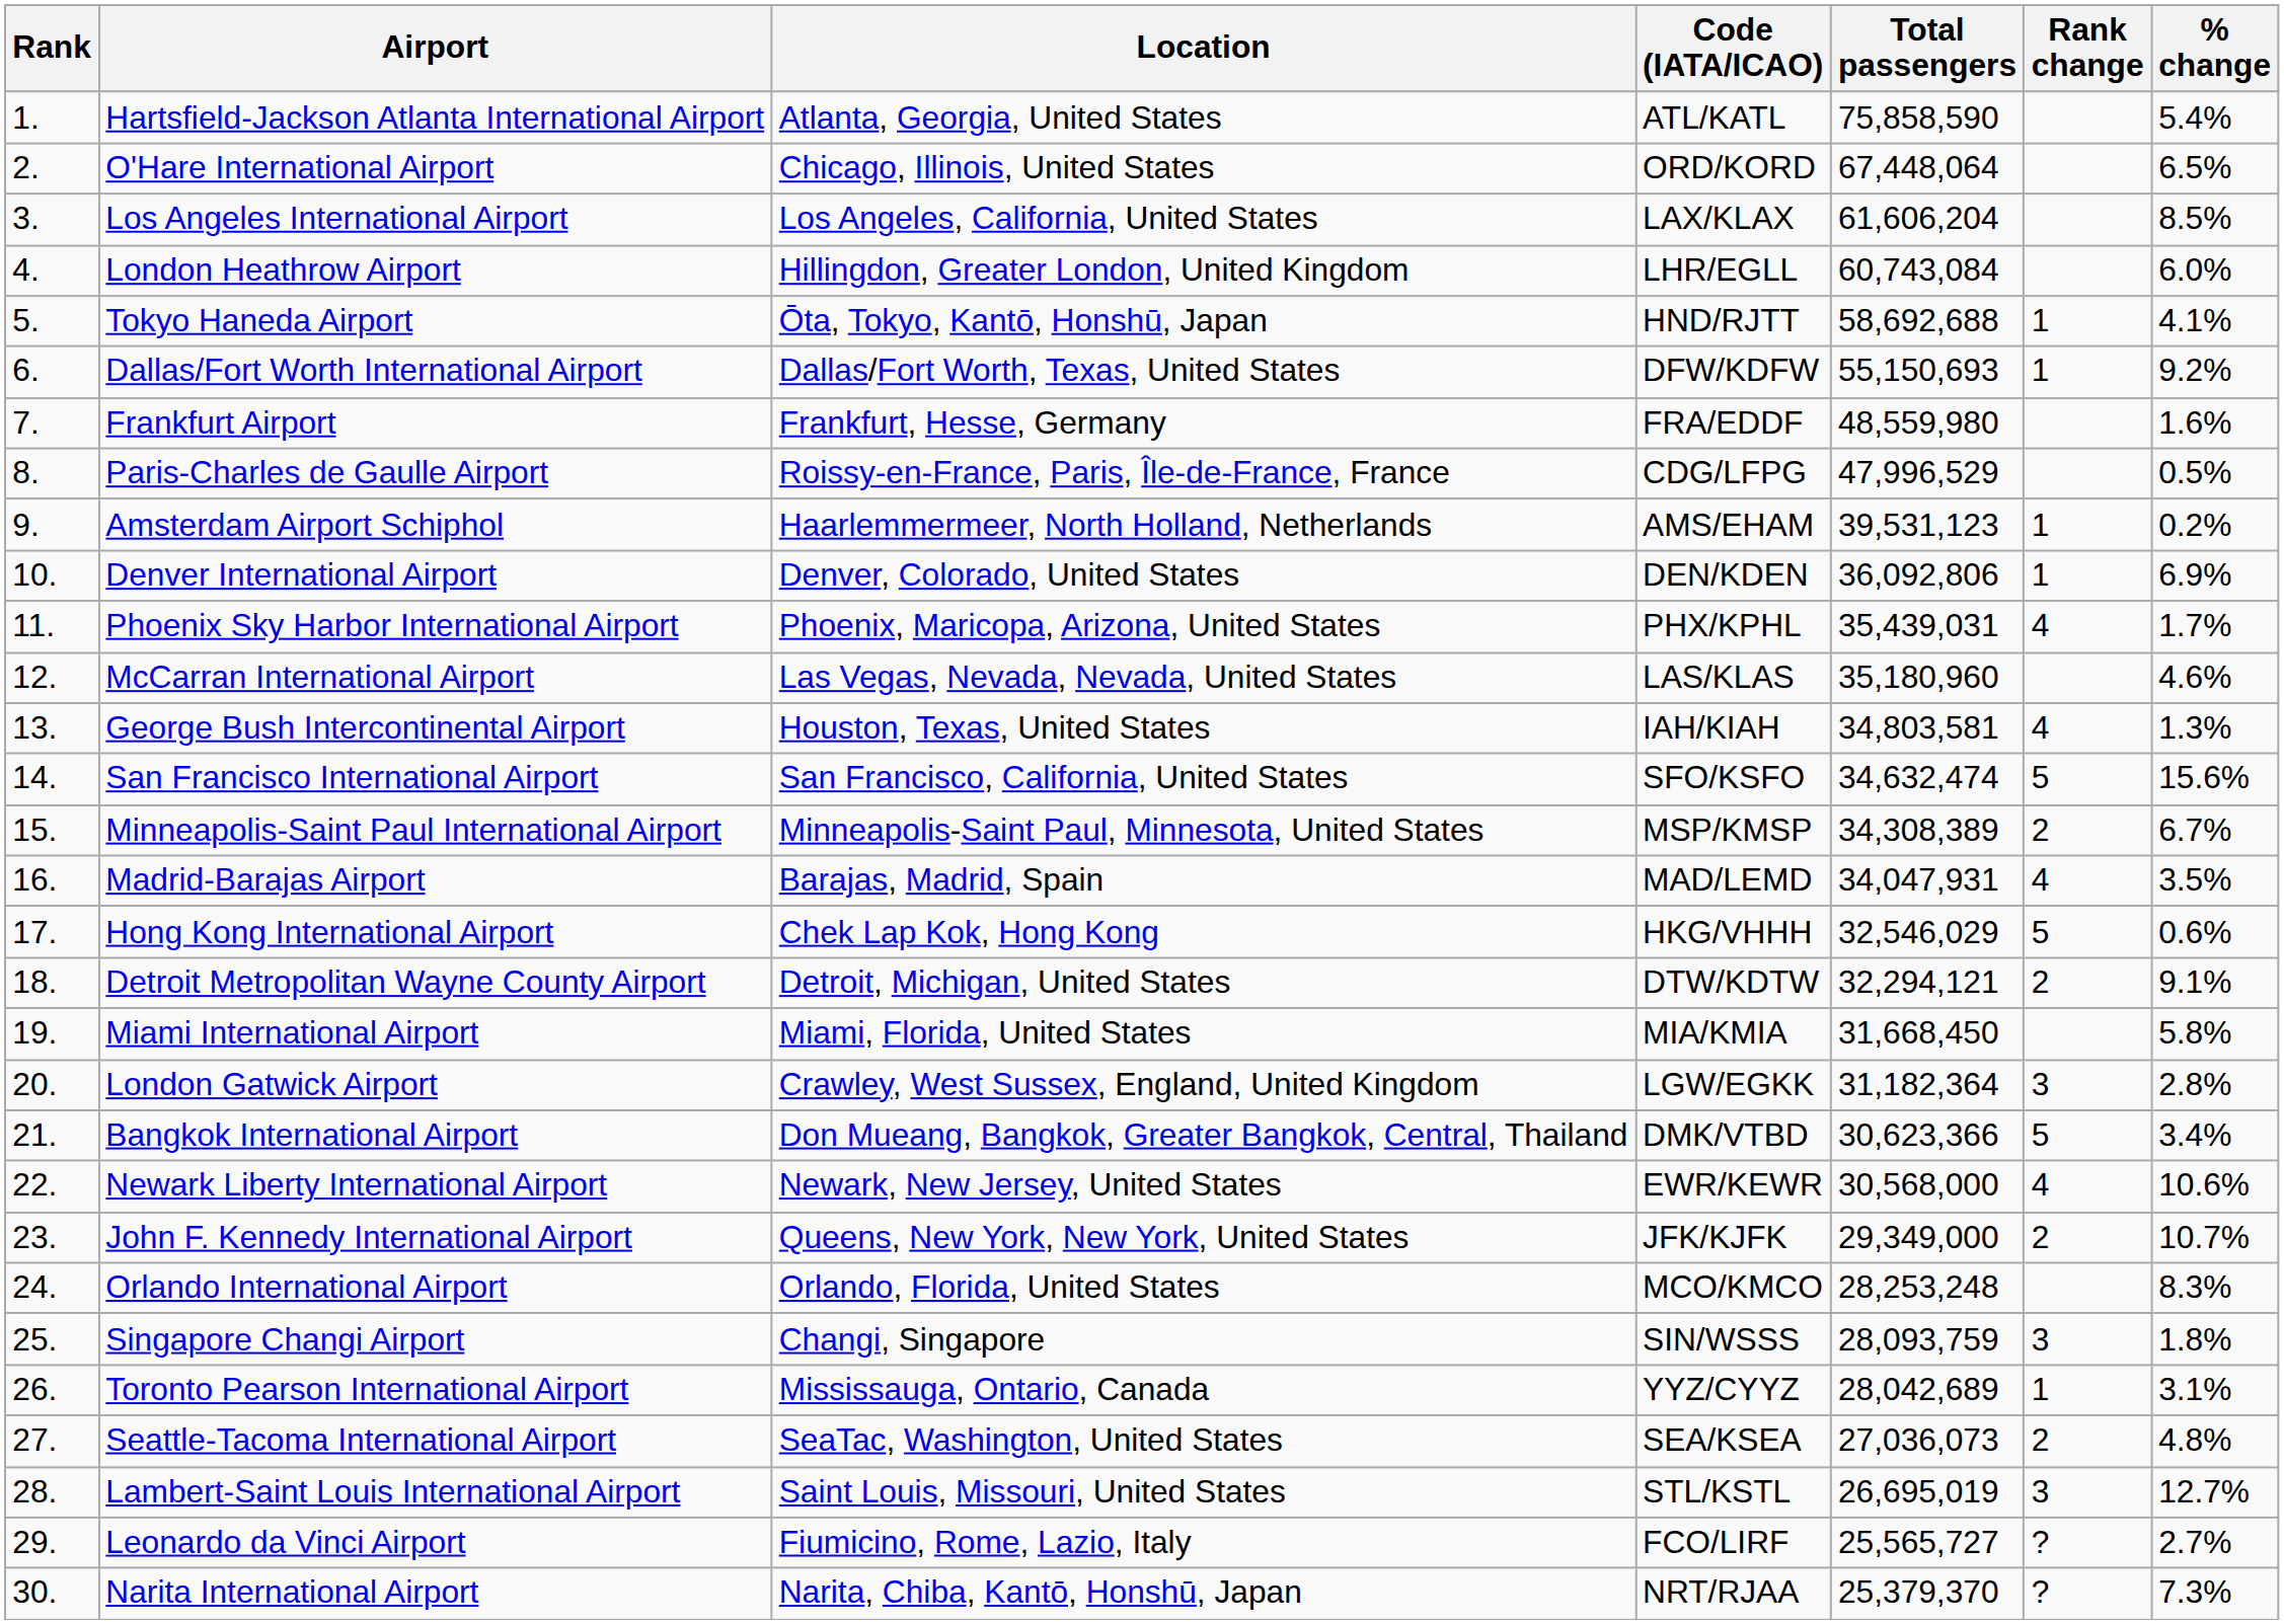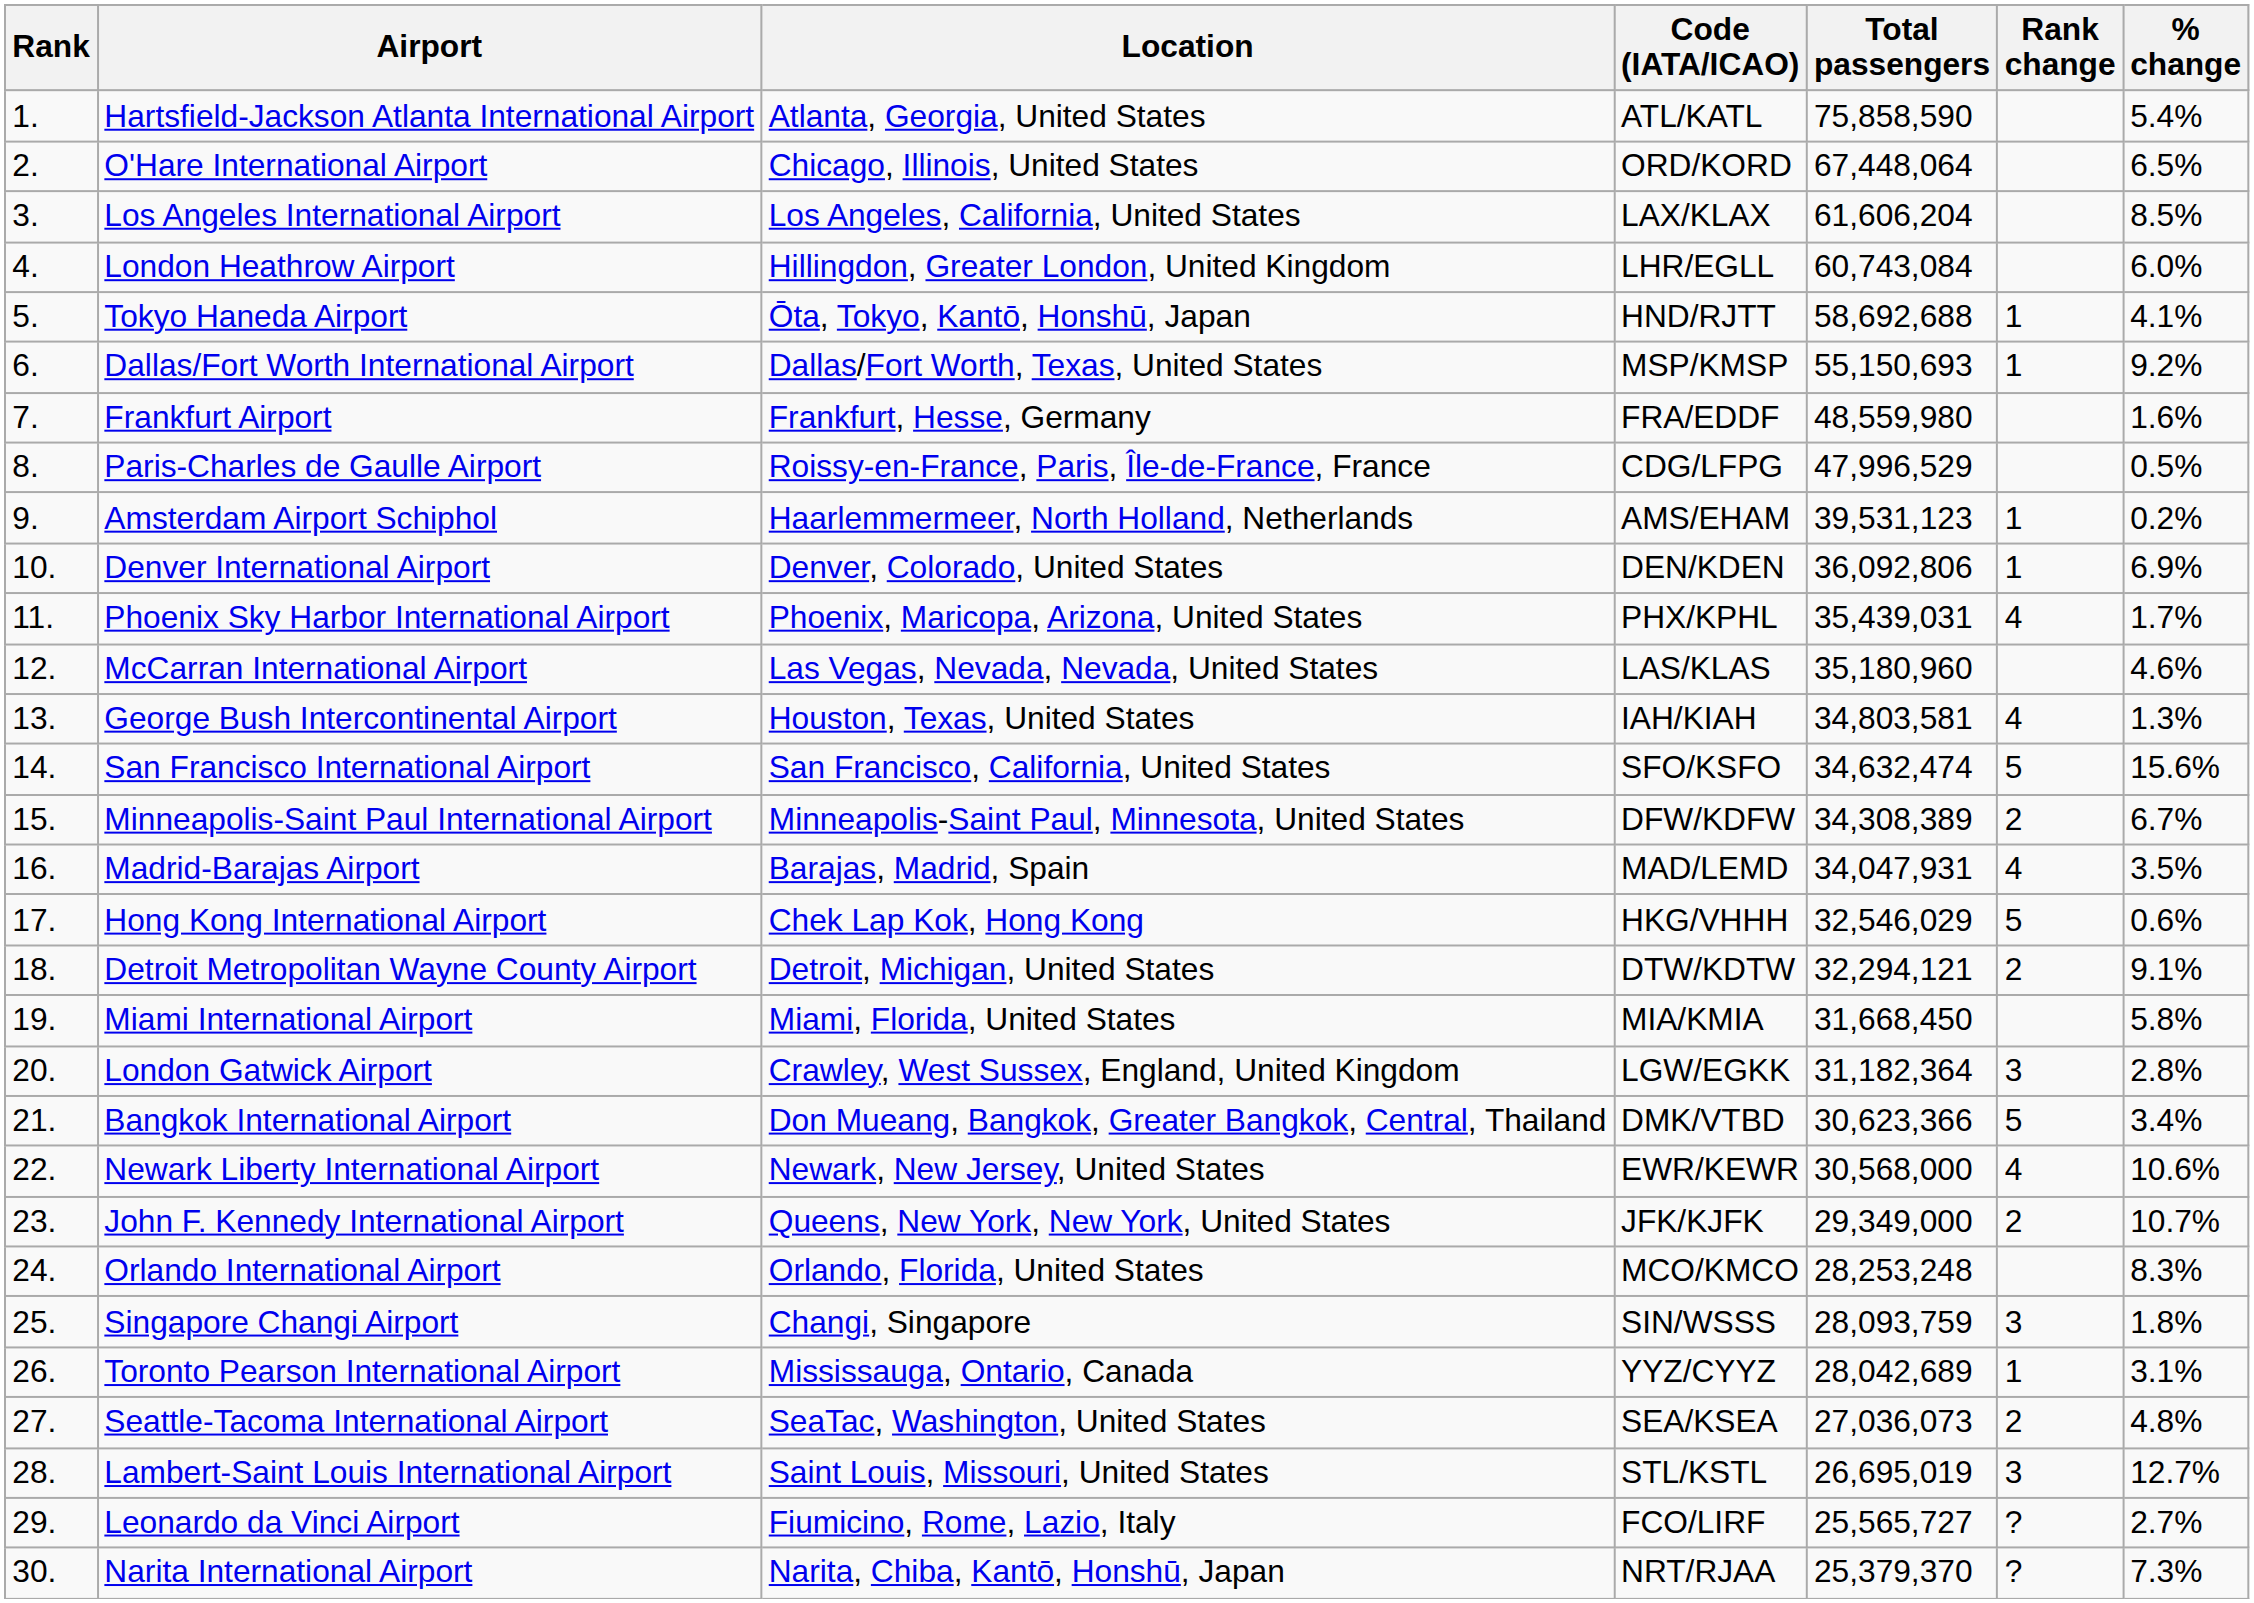 <table class="wikitable sortable" style="-size: 85%" width= align=>
 <tr style="background:lightgrey;">
 <th>Rank</th>
 <th>Airport</th>
 <th>Location</th>
 <th>Code<br>(IATA/ICAO)</th>
 <th>Total<br>passengers</th>
 <th>Rank<br>change</th>
 <th>%<br>change</th>
 </tr>
 <tr>
 <td>1.</td>
 <td> <a href='#'>Hartsfield-Jackson Atlanta International Airport</a></td>
 <td><a href='#'>Atlanta</a>, <a href='#'>Georgia</a>, United States</td>
 <td>ATL/KATL</td>
 <td>75,858,590</td>
 <td></td>
 <td>5.4%</td>
 </tr>
 <tr>
 <td>2.</td>
 <td> <a href='#'>O'Hare International Airport</a></td>
 <td><a href='#'>Chicago</a>, <a href='#'>Illinois</a>, United States</td>
 <td>ORD/KORD</td>
 <td>67,448,064</td>
 <td></td>
 <td>6.5%</td>
 </tr>
 <tr>
 <td>3.</td>
 <td> <a href='#'>Los Angeles International Airport</a></td>
 <td><a href='#'>Los Angeles</a>, <a href='#'>California</a>, United States</td>
 <td>LAX/KLAX</td>
 <td>61,606,204</td>
 <td></td>
 <td>8.5%</td>
 </tr>
 <tr>
 <td>4.</td>
 <td> <a href='#'>London Heathrow Airport</a></td>
 <td><a href='#'>Hillingdon</a>, <a href='#'>Greater London</a>, United Kingdom</td>
 <td>LHR/EGLL</td>
 <td>60,743,084</td>
 <td></td>
 <td>6.0%</td>
 </tr>
 <tr>
 <td>5.</td>
 <td> <a href='#'>Tokyo Haneda Airport</a></td>
 <td><a href='#'>Ōta</a>, <a href='#'>Tokyo</a>, <a href='#'>Kantō</a>, <a href='#'>Honshū</a>, Japan</td>
 <td>HND/RJTT</td>
 <td>58,692,688</td>
 <td>1</td>
 <td>4.1%</td>
 </tr>
 <tr>
 <td>6.</td>
 <td> <a href='#'>Dallas/Fort Worth International Airport</a></td>
 <td><a href='#'>Dallas</a>/<a href='#'>Fort Worth</a>, <a href='#'>Texas</a>, United States</td>
-<td>DFW/KDFW</td>
+<td>MSP/KMSP</td>
 <td>55,150,693</td>
 <td>1</td>
 <td>9.2%</td>
 </tr>
 <tr>
 <td>7.</td>
 <td> <a href='#'>Frankfurt Airport</a></td>
 <td><a href='#'>Frankfurt</a>, <a href='#'>Hesse</a>, Germany</td>
 <td>FRA/EDDF</td>
 <td>48,559,980</td>
 <td></td>
 <td>1.6%</td>
 </tr>
 <tr>
 <td>8.</td>
 <td> <a href='#'>Paris-Charles de Gaulle Airport</a></td>
 <td><a href='#'>Roissy-en-France</a>, <a href='#'>Paris</a>, <a href='#'>Île-de-France</a>, France</td>
 <td>CDG/LFPG</td>
 <td>47,996,529</td>
 <td></td>
 <td>0.5%</td>
 </tr>
 <tr>
 <td>9.</td>
 <td> <a href='#'>Amsterdam Airport Schiphol</a></td>
 <td><a href='#'>Haarlemmermeer</a>, <a href='#'>North Holland</a>, Netherlands</td>
 <td>AMS/EHAM</td>
 <td>39,531,123</td>
 <td>1</td>
 <td>0.2%</td>
 </tr>
 <tr>
 <td>10.</td>
 <td> <a href='#'>Denver International Airport</a></td>
 <td><a href='#'>Denver</a>, <a href='#'>Colorado</a>, United States</td>
 <td>DEN/KDEN</td>
 <td>36,092,806</td>
 <td>1</td>
 <td>6.9%</td>
 </tr>
 <tr>
 <td>11.</td>
 <td> <a href='#'>Phoenix Sky Harbor International Airport</a></td>
 <td><a href='#'>Phoenix</a>, <a href='#'>Maricopa</a>, <a href='#'>Arizona</a>, United States</td>
 <td>PHX/KPHL</td>
 <td>35,439,031</td>
 <td>4</td>
 <td>1.7%</td>
 </tr>
 <tr>
 <td>12.</td>
 <td> <a href='#'>McCarran International Airport</a></td>
 <td><a href='#'>Las Vegas</a>, <a href='#'>Nevada</a>, <a href='#'>Nevada</a>, United States</td>
 <td>LAS/KLAS</td>
 <td>35,180,960</td>
 <td></td>
 <td>4.6%</td>
 </tr>
 <tr>
 <td>13.</td>
 <td> <a href='#'>George Bush Intercontinental Airport</a></td>
 <td><a href='#'>Houston</a>, <a href='#'>Texas</a>, United States</td>
 <td>IAH/KIAH</td>
 <td>34,803,581</td>
 <td>4</td>
 <td>1.3%</td>
 </tr>
 <tr>
 <td>14.</td>
 <td> <a href='#'>San Francisco International Airport</a></td>
 <td><a href='#'>San Francisco</a>, <a href='#'>California</a>, United States</td>
 <td>SFO/KSFO</td>
 <td>34,632,474</td>
 <td>5</td>
 <td>15.6%</td>
 </tr>
 <tr>
 <td>15.</td>
 <td> <a href='#'>Minneapolis-Saint Paul International Airport</a></td>
 <td><a href='#'>Minneapolis</a>-<a href='#'>Saint Paul</a>, <a href='#'>Minnesota</a>, United States</td>
-<td>MSP/KMSP</td>
+<td>DFW/KDFW</td>
 <td>34,308,389</td>
 <td>2</td>
 <td>6.7%</td>
 </tr>
 <tr>
 <td>16.</td>
 <td> <a href='#'>Madrid-Barajas Airport</a></td>
 <td><a href='#'>Barajas</a>, <a href='#'>Madrid</a>, Spain</td>
 <td>MAD/LEMD</td>
 <td>34,047,931</td>
 <td>4</td>
 <td>3.5%</td>
 </tr>
 <tr>
 <td>17.</td>
 <td> <a href='#'>Hong Kong International Airport</a></td>
 <td><a href='#'>Chek Lap Kok</a>, <a href='#'>Hong Kong</a></td>
 <td>HKG/VHHH</td>
 <td>32,546,029</td>
 <td>5</td>
 <td>0.6%</td>
 </tr>
 <tr>
 <td>18.</td>
 <td> <a href='#'>Detroit Metropolitan Wayne County Airport</a></td>
 <td><a href='#'>Detroit</a>, <a href='#'>Michigan</a>, United States</td>
 <td>DTW/KDTW</td>
 <td>32,294,121</td>
 <td>2</td>
 <td>9.1%</td>
 </tr>
 <tr>
 <td>19.</td>
 <td> <a href='#'>Miami International Airport</a></td>
 <td><a href='#'>Miami</a>, <a href='#'>Florida</a>, United States</td>
 <td>MIA/KMIA</td>
 <td>31,668,450</td>
 <td></td>
 <td>5.8%</td>
 </tr>
 <tr>
 <td>20.</td>
 <td> <a href='#'>London Gatwick Airport</a></td>
 <td><a href='#'>Crawley</a>, <a href='#'>West Sussex</a>, England, United Kingdom</td>
 <td>LGW/EGKK</td>
 <td>31,182,364</td>
 <td>3</td>
 <td>2.8%</td>
 </tr>
 <tr>
 <td>21.</td>
 <td> <a href='#'>Bangkok International Airport</a></td>
 <td><a href='#'>Don Mueang</a>, <a href='#'>Bangkok</a>, <a href='#'>Greater Bangkok</a>, <a href='#'>Central</a>, Thailand</td>
 <td>DMK/VTBD</td>
 <td>30,623,366</td>
 <td>5</td>
 <td>3.4%</td>
 </tr>
 <tr>
 <td>22.</td>
 <td> <a href='#'>Newark Liberty International Airport</a></td>
 <td><a href='#'>Newark</a>, <a href='#'>New Jersey</a>, United States</td>
 <td>EWR/KEWR</td>
 <td>30,568,000</td>
 <td>4</td>
 <td>10.6%</td>
 </tr>
 <tr>
 <td>23.</td>
 <td> <a href='#'>John F. Kennedy International Airport</a></td>
 <td><a href='#'>Queens</a>, <a href='#'>New York</a>, <a href='#'>New York</a>, United States</td>
 <td>JFK/KJFK</td>
 <td>29,349,000</td>
 <td>2</td>
 <td>10.7%</td>
 </tr>
 <tr>
 <td>24.</td>
 <td> <a href='#'>Orlando International Airport</a></td>
 <td><a href='#'>Orlando</a>, <a href='#'>Florida</a>, United States</td>
 <td>MCO/KMCO</td>
 <td>28,253,248</td>
 <td></td>
 <td>8.3%</td>
 </tr>
 <tr>
 <td>25.</td>
 <td> <a href='#'>Singapore Changi Airport</a></td>
 <td><a href='#'>Changi</a>, Singapore</td>
 <td>SIN/WSSS</td>
 <td>28,093,759</td>
 <td>3</td>
 <td>1.8%</td>
 </tr>
 <tr>
 <td>26.</td>
 <td> <a href='#'>Toronto Pearson International Airport</a></td>
 <td><a href='#'>Mississauga</a>, <a href='#'>Ontario</a>, Canada</td>
 <td>YYZ/CYYZ</td>
 <td>28,042,689</td>
 <td>1</td>
 <td>3.1%</td>
 </tr>
 <tr>
 <td>27.</td>
 <td> <a href='#'>Seattle-Tacoma International Airport</a></td>
 <td><a href='#'>SeaTac</a>, <a href='#'>Washington</a>, United States</td>
 <td>SEA/KSEA</td>
 <td>27,036,073</td>
 <td>2</td>
 <td>4.8%</td>
 </tr>
 <tr>
 <td>28.</td>
 <td> <a href='#'>Lambert-Saint Louis International Airport</a></td>
 <td><a href='#'>Saint Louis</a>, <a href='#'>Missouri</a>, United States</td>
 <td>STL/KSTL</td>
 <td>26,695,019</td>
 <td>3</td>
 <td>12.7%</td>
 </tr>
 <tr>
 <td>29.</td>
 <td> <a href='#'>Leonardo da Vinci Airport</a></td>
 <td><a href='#'>Fiumicino</a>, <a href='#'>Rome</a>, <a href='#'>Lazio</a>, Italy</td>
 <td>FCO/LIRF</td>
 <td>25,565,727</td>
 <td>?</td>
 <td>2.7%</td>
 </tr>
 <tr>
 <td>30.</td>
 <td> <a href='#'>Narita International Airport</a></td>
 <td><a href='#'>Narita</a>, <a href='#'>Chiba</a>, <a href='#'>Kantō</a>, <a href='#'>Honshū</a>, Japan</td>
 <td>NRT/RJAA</td>
 <td>25,379,370</td>
 <td>?</td>
 <td>7.3%</td>
 </tr>
 </table>
